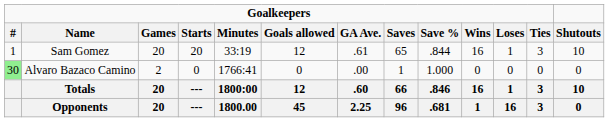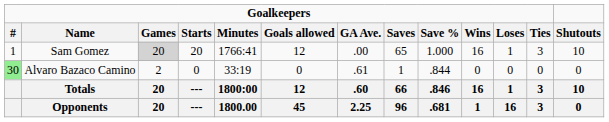 <table class="wikitable sortable" style="text-align:center; text-width:90%;">
 <tr>
 <td colspan="12"><strong>Goalkeepers</strong></td>
 </tr>
 <tr>
 <th>#</th>
 <th>Name</th>
 <th>Games</th>
 <th>Starts</th>
 <th>Minutes</th>
 <th>Goals allowed</th>
 <th>GA Ave.</th>
 <th>Saves</th>
 <th>Save %</th>
 <th>Wins</th>
 <th>Loses</th>
 <th>Ties</th>
 <th>Shutouts</th>
 </tr>
 <tr>
 <td>1</td>
 <td>Sam Gomez</td>
+<td style="background: lightgrey;">20</td>
 <td>20</td>
-<td>20</td>
-<td>33:19</td>
+<td>1766:41</td>
 <td>12</td>
-<td>.61</td>
+<td>.00</td>
 <td>65</td>
-<td>.844</td>
+<td>1.000</td>
 <td>16</td>
 <td>1</td>
 <td>3</td>
 <td>10</td>
 </tr>
 <tr>
 <td style="background: lightgreen;">30</td>
 <td>Alvaro Bazaco Camino</td>
 <td>2</td>
 <td>0</td>
-<td>1766:41</td>
+<td>33:19</td>
 <td>0</td>
-<td>.00</td>
+<td>.61</td>
 <td>1</td>
-<td>1.000</td>
+<td>.844</td>
 <td>0</td>
 <td>0</td>
 <td>0</td>
 <td>0</td>
 </tr>
 <tr>
 <th></th>
 <th>Totals</th>
 <th>20</th>
 <th>---</th>
 <th>1800:00</th>
 <th>12</th>
 <th>.60</th>
 <th>66</th>
 <th>.846</th>
 <th>16</th>
 <th>1</th>
 <th>3</th>
 <th>10</th>
 </tr>
 <tr>
 <th></th>
 <th>Opponents</th>
 <th>20</th>
 <th>---</th>
 <th>1800.00</th>
 <th>45</th>
 <th>2.25</th>
 <th>96</th>
 <th>.681</th>
 <th>1</th>
 <th>16</th>
 <th>3</th>
 <th>0</th>
 </tr>
 </table>
